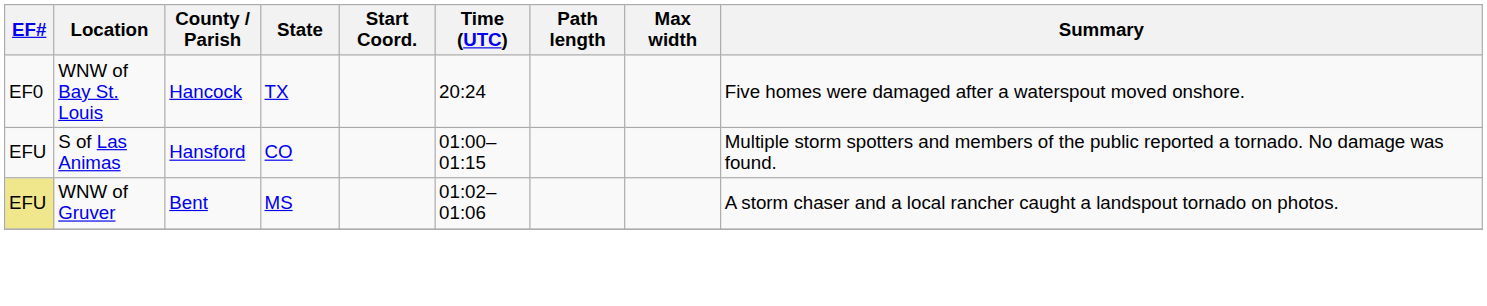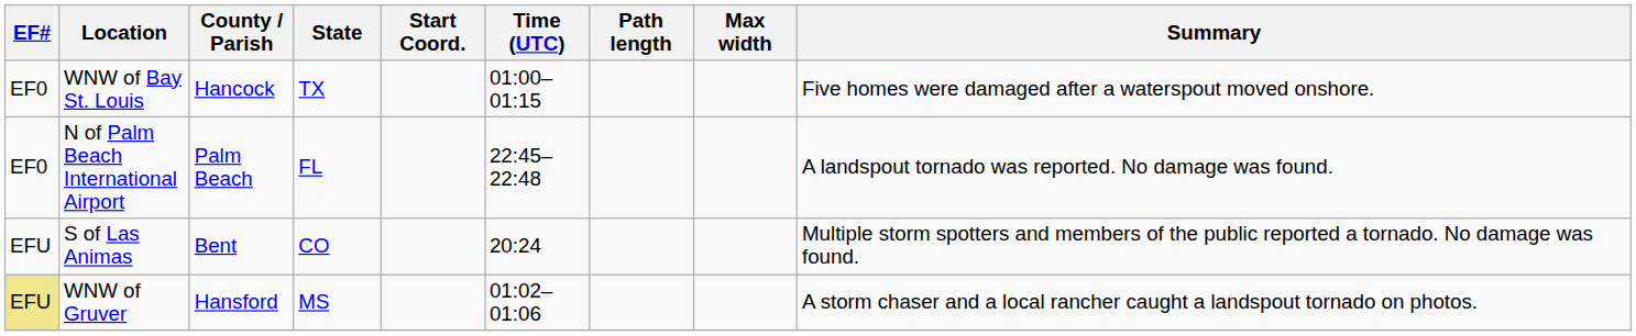 <table class="wikitable sortable" style="width:100%;">
 <tr>
 <th scope="col"  style="width:3%; text-align:center;"><a href='#'>EF#</a></th>
 <th scope="col"  style="width:7%; text-align:center;" class="unsortable">Location</th>
 <th scope="col"  style="width:6%; text-align:center;" class="unsortable">County / Parish</th>
 <th scope="col"  style="width:5%; text-align:center;">State</th>
 <th scope="col"  style="width:6%; text-align:center;">Start Coord.</th>
 <th scope="col"  style="width:6%; text-align:center;">Time (<a href='#'>UTC</a>)</th>
 <th scope="col"  style="width:6%; text-align:center;">Path length</th>
 <th scope="col"  style="width:6%; text-align:center;">Max width</th>
 <th scope="col" class="unsortable" style="width:48%; text-align:center;">Summary</th>
 </tr>
 <tr>
 <td>EF0</td>
 <td>WNW of <a href='#'>Bay St. Louis</a></td>
 <td><a href='#'>Hancock</a></td>
 <td><a href='#'>TX</a></td>
 <td></td>
-<td>20:24</td>
+<td>01:00–01:15</td>
 <td></td>
 <td></td>
 <td>Five homes were damaged after a waterspout moved onshore.</td>
 </tr>
 <tr>
+<td>EF0</td>
+<td>N of <a href='#'>Palm Beach International Airport</a></td>
+<td><a href='#'>Palm Beach</a></td>
+<td><a href='#'>FL</a></td>
+<td></td>
+<td>22:45–22:48</td>
+<td></td>
+<td></td>
+<td>A landspout tornado was reported. No damage was found.</td>
+</tr>
+<tr>
 <td>EFU</td>
 <td>S of <a href='#'>Las Animas</a></td>
-<td><a href='#'>Hansford</a></td>
+<td><a href='#'>Bent</a></td>
 <td><a href='#'>CO</a></td>
 <td></td>
-<td>01:00–01:15</td>
+<td>20:24</td>
 <td></td>
 <td></td>
 <td>Multiple storm spotters and members of the public reported a tornado. No damage was found.</td>
 </tr>
 <tr>
 <td style="background: khaki;">EFU</td>
 <td>WNW of <a href='#'>Gruver</a></td>
-<td><a href='#'>Bent</a></td>
+<td><a href='#'>Hansford</a></td>
 <td><a href='#'>MS</a></td>
 <td></td>
 <td>01:02–01:06</td>
 <td></td>
 <td></td>
 <td>A storm chaser and a local rancher caught a landspout tornado on photos.</td>
 </tr>
 <tr>
 </tr>
 </table>
